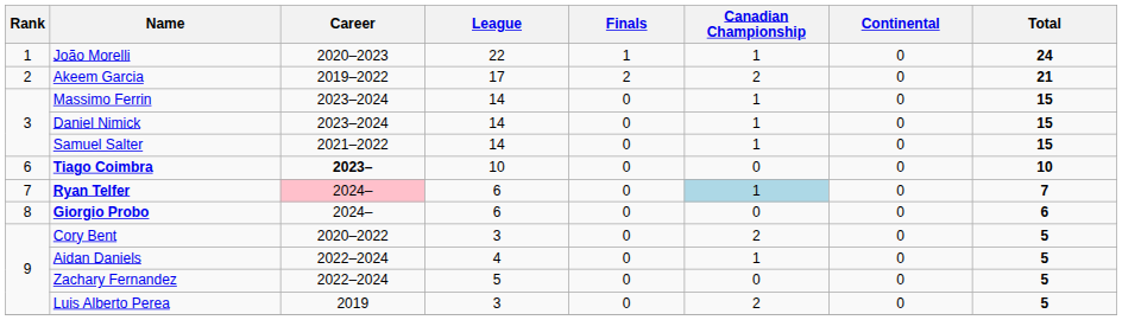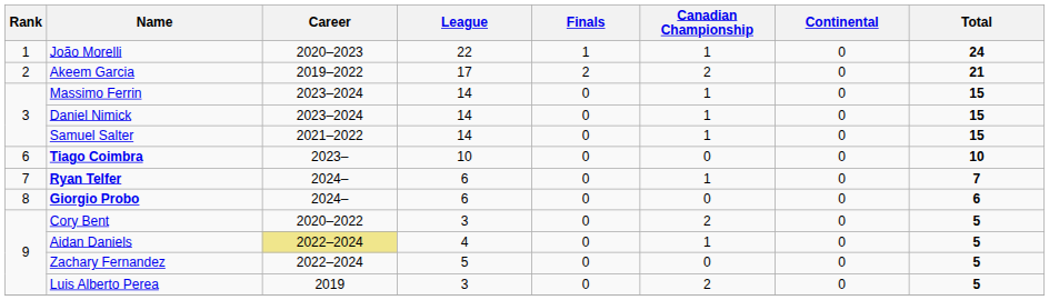 <table class="wikitable sortable" style="text-align:center;">
 <tr>
 <th width=1%>Rank</th>
 <th width=16%>Name</th>
 <th width=10%>Career</th>
 <th width=10%><a href='#'>League</a></th>
 <th width=8%><a href='#'>Finals</a></th>
 <th width=10%><a href='#'>Canadian Championship</a></th>
 <th width=10%><a href='#'>Continental</a></th>
 <th width=10%>Total</th>
 </tr>
 <tr>
 <td>1</td>
 <td align="left"> <a href='#'>João Morelli</a></td>
 <td>2020–2023</td>
 <td>22</td>
 <td>1</td>
 <td>1</td>
 <td>0</td>
 <td><strong>24</strong></td>
 </tr>
 <tr>
 <td>2</td>
 <td align="left"> <a href='#'>Akeem Garcia</a></td>
 <td>2019–2022</td>
 <td>17</td>
 <td>2</td>
 <td>2</td>
 <td>0</td>
 <td><strong>21</strong></td>
 </tr>
 <tr>
 <td rowspan="3">3</td>
 <td align="left"> <a href='#'>Massimo Ferrin</a></td>
 <td>2023–2024</td>
 <td>14</td>
 <td>0</td>
 <td>1</td>
 <td>0</td>
 <td><strong>15</strong></td>
 </tr>
 <tr>
 <td align="left"> <a href='#'>Daniel Nimick</a></td>
 <td>2023–2024</td>
 <td>14</td>
 <td>0</td>
 <td>1</td>
 <td>0</td>
 <td><strong>15</strong></td>
 </tr>
 <tr>
 <td align="left"> <a href='#'>Samuel Salter</a></td>
 <td>2021–2022</td>
 <td>14</td>
 <td>0</td>
 <td>1</td>
 <td>0</td>
 <td><strong>15</strong></td>
 </tr>
 <tr>
 <td>6</td>
 <td align="left"> <strong><a href='#'>Tiago Coimbra</a></strong></td>
-<td><strong>2023–</strong></td>
+<td>2023–</td>
 <td>10</td>
 <td>0</td>
 <td>0</td>
 <td>0</td>
 <td><strong>10</strong></td>
 </tr>
 <tr>
 <td>7</td>
 <td align="left"> <strong><a href='#'>Ryan Telfer</a></strong></td>
-<td style="background: pink;">2024–</td>
+<td>2024–</td>
 <td>6</td>
 <td>0</td>
-<td style="background: lightblue;">1</td>
+<td>1</td>
 <td>0</td>
 <td><strong>7</strong></td>
 </tr>
 <tr>
 <td>8</td>
 <td align="left"> <strong><a href='#'>Giorgio Probo</a></strong></td>
 <td>2024–</td>
 <td>6</td>
 <td>0</td>
 <td>0</td>
 <td>0</td>
 <td><strong>6</strong></td>
 </tr>
 <tr>
 <td rowspan="4">9</td>
 <td align="left"> <a href='#'>Cory Bent</a></td>
 <td>2020–2022</td>
 <td>3</td>
 <td>0</td>
 <td>2</td>
 <td>0</td>
 <td><strong>5</strong></td>
 </tr>
 <tr>
 <td align="left"> <a href='#'>Aidan Daniels</a></td>
-<td>2022–2024</td>
+<td style="background: khaki;">2022–2024</td>
 <td>4</td>
 <td>0</td>
 <td>1</td>
 <td>0</td>
 <td><strong>5</strong></td>
 </tr>
 <tr>
 <td align="left"> <a href='#'>Zachary Fernandez</a></td>
 <td>2022–2024</td>
 <td>5</td>
 <td>0</td>
 <td>0</td>
 <td>0</td>
 <td><strong>5</strong></td>
 </tr>
 <tr>
 <td align="left"> <a href='#'>Luis Alberto Perea</a></td>
 <td>2019</td>
 <td>3</td>
 <td>0</td>
 <td>2</td>
 <td>0</td>
 <td><strong>5</strong></td>
 </tr>
 <tr>
 </tr>
 </table>
